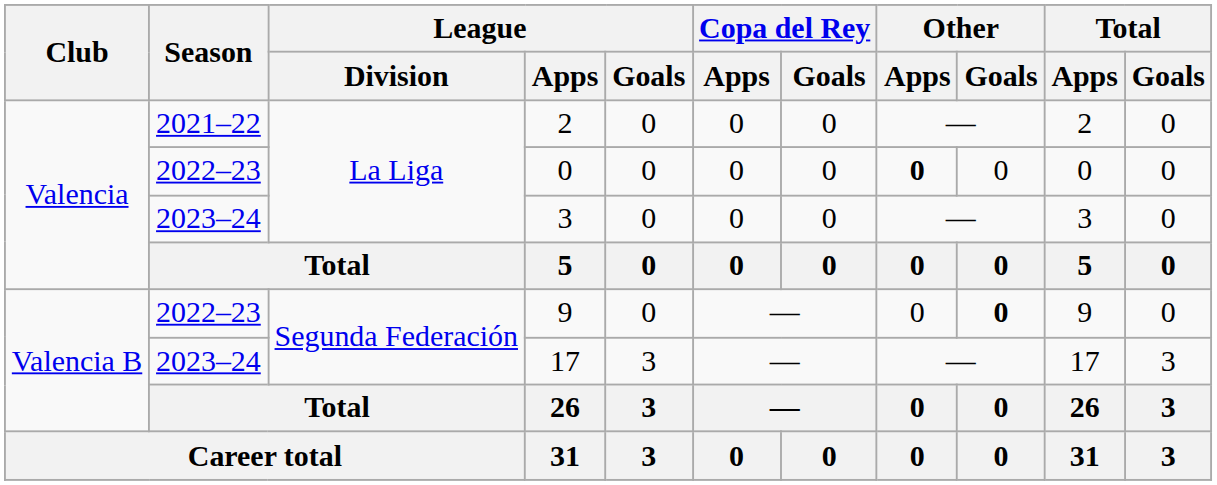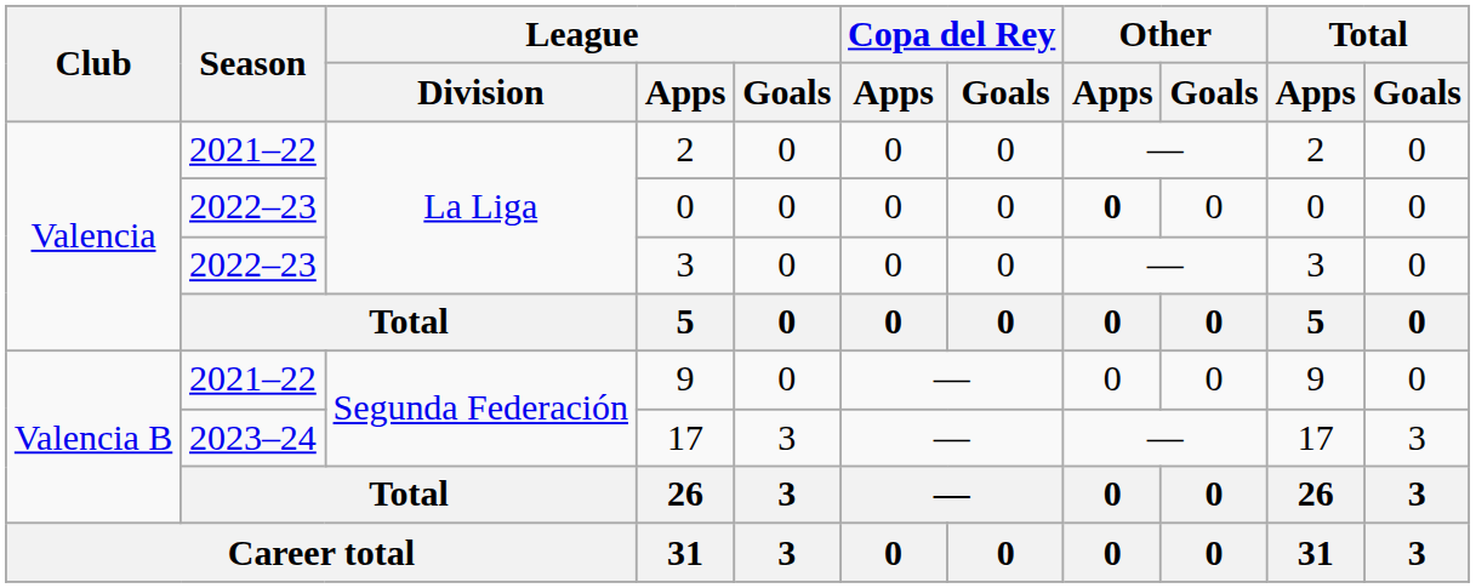 <table class=wikitable style=text-align:center>
 <tr>
 <th rowspan="2">Club</th>
 <th rowspan="2">Season</th>
 <th colspan="3">League</th>
 <th colspan="2"><a href='#'>Copa del Rey</a></th>
 <th colspan="2">Other</th>
 <th colspan="2">Total</th>
 </tr>
 <tr>
 <th>Division</th>
 <th>Apps</th>
 <th>Goals</th>
 <th>Apps</th>
 <th>Goals</th>
 <th>Apps</th>
 <th>Goals</th>
 <th>Apps</th>
 <th>Goals</th>
 </tr>
 <tr>
 <td rowspan="4"><a href='#'>Valencia</a></td>
 <td><a href='#'>2021–22</a></td>
 <td rowspan="3"><a href='#'>La Liga</a></td>
 <td>2</td>
 <td>0</td>
 <td>0</td>
 <td>0</td>
 <td colspan="2">—</td>
 <td>2</td>
 <td>0</td>
 </tr>
 <tr>
 <td><a href='#'>2022–23</a></td>
 <td>0</td>
 <td>0</td>
 <td>0</td>
 <td>0</td>
 <td><strong>0</strong></td>
 <td>0</td>
 <td>0</td>
 <td>0</td>
 </tr>
 <tr>
-<td><a href='#'>2023–24</a></td>
+<td><a href='#'>2022–23</a></td>
 <td>3</td>
 <td>0</td>
 <td>0</td>
 <td>0</td>
 <td colspan="2">—</td>
 <td>3</td>
 <td>0</td>
 </tr>
 <tr>
 <th colspan="2">Total</th>
 <th>5</th>
 <th>0</th>
 <th>0</th>
 <th>0</th>
 <th>0</th>
 <th>0</th>
 <th>5</th>
 <th>0</th>
 </tr>
 <tr>
 <td rowspan="3"><a href='#'>Valencia B</a></td>
-<td><a href='#'>2022–23</a></td>
+<td><a href='#'>2021–22</a></td>
 <td rowspan="2"><a href='#'>Segunda Federación</a></td>
 <td>9</td>
 <td>0</td>
 <td colspan="2">—</td>
 <td>0</td>
-<td><strong>0</strong></td>
+<td>0</td>
 <td>9</td>
 <td>0</td>
 </tr>
 <tr>
 <td><a href='#'>2023–24</a></td>
 <td>17</td>
 <td>3</td>
 <td colspan="2">—</td>
 <td colspan="2">—</td>
 <td>17</td>
 <td>3</td>
 </tr>
 <tr>
 <th colspan="2">Total</th>
 <th>26</th>
 <th>3</th>
 <th colspan="2">—</th>
 <th>0</th>
 <th>0</th>
 <th>26</th>
 <th>3</th>
 </tr>
 <tr>
 <th colspan="3">Career total</th>
 <th>31</th>
 <th>3</th>
 <th>0</th>
 <th>0</th>
 <th>0</th>
 <th>0</th>
 <th>31</th>
 <th>3</th>
 </tr>
 </table>
